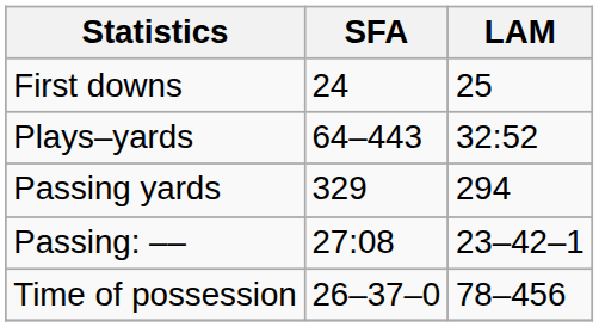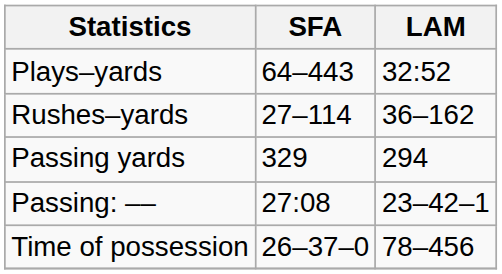 <table class="wikitable" style="float: left;">
 <tr>
 <th>Statistics</th>
 <th>SFA</th>
 <th>LAM</th>
 </tr>
 <tr>
-<td>First downs</td>
-<td>24</td>
-<td>25</td>
-</tr>
-<tr>
 <td>Plays–yards</td>
 <td>64–443</td>
 <td>32:52</td>
+</tr>
+<tr>
+<td>Rushes–yards</td>
+<td>27–114</td>
+<td>36–162</td>
 </tr>
 <tr>
 <td>Passing yards</td>
 <td>329</td>
 <td>294</td>
 </tr>
 <tr>
 <td>Passing: ––</td>
 <td>27:08</td>
 <td>23–42–1</td>
 </tr>
 <tr>
 <td>Time of possession</td>
 <td>26–37–0</td>
 <td>78–456</td>
 </tr>
 <tr>
 </tr>
 </table>
